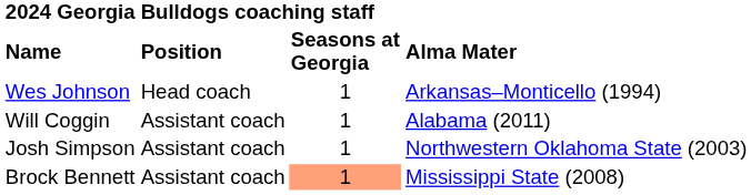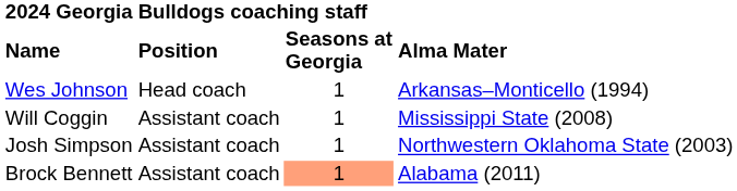 <table class="toccolours" style="text-align: left; font-size:90%;">
 <tr>
 <th colspan="9">2024 Georgia Bulldogs coaching staff</th>
 </tr>
 <tr>
 <th>Name</th>
 <th>Position</th>
 <th>Seasons at<br>Georgia</th>
 <th>Alma Mater</th>
 </tr>
 <tr>
 <td><a href='#'>Wes Johnson</a></td>
 <td>Head coach</td>
 <td align=center>1</td>
 <td><a href='#'>Arkansas–Monticello</a> (1994)</td>
 </tr>
 <tr>
 <td>Will Coggin</td>
 <td>Assistant coach</td>
 <td align=center>1</td>
-<td><a href='#'>Alabama</a> (2011)</td>
+<td><a href='#'>Mississippi State</a> (2008)</td>
 </tr>
 <tr>
 <td>Josh Simpson</td>
 <td>Assistant coach</td>
 <td align=center>1</td>
 <td><a href='#'>Northwestern Oklahoma State</a> (2003)</td>
 </tr>
 <tr>
 <td>Brock Bennett</td>
 <td>Assistant coach</td>
 <td align=center style="background: lightsalmon;">1</td>
-<td><a href='#'>Mississippi State</a> (2008)</td>
+<td><a href='#'>Alabama</a> (2011)</td>
 </tr>
 </table>
